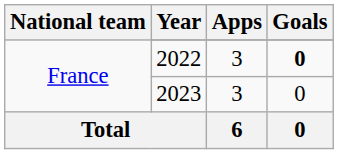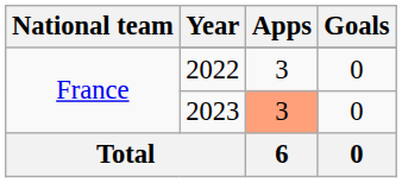 <table class="wikitable" style="text-align:center">
 <tr>
 <th>National team</th>
 <th>Year</th>
 <th>Apps</th>
 <th>Goals</th>
 </tr>
 <tr>
 <td rowspan="3"><a href='#'>France</a></td>
 </tr>
 <tr>
 <td>2022</td>
 <td>3</td>
-<td><strong>0</strong></td>
+<td>0</td>
 </tr>
 <tr>
 <td>2023</td>
-<td>3</td>
+<td style="background: lightsalmon;">3</td>
 <td>0</td>
 </tr>
 <tr>
 <th colspan="2">Total</th>
 <th>6</th>
 <th>0</th>
 </tr>
 </table>
